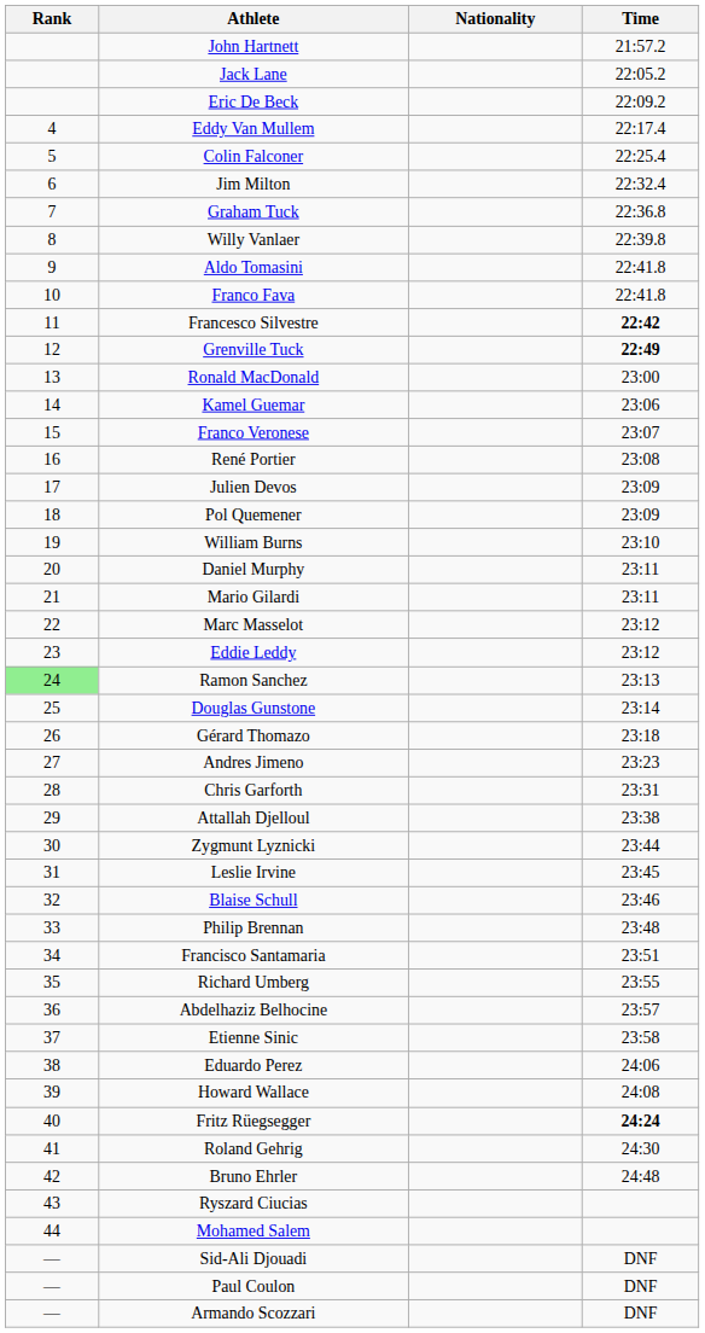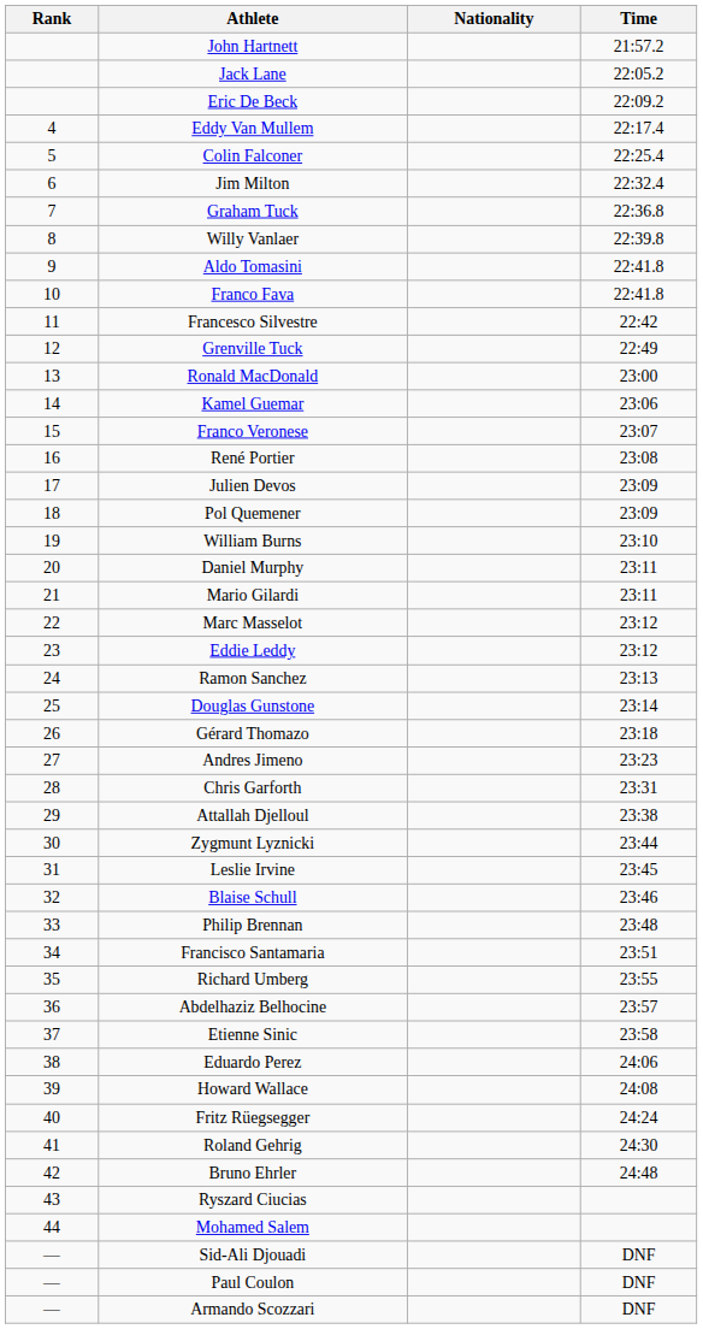 <table class="wikitable sortable" style=" text-align:center; font-size:95%;" width="50%">
 <tr>
 <th>Rank</th>
 <th>Athlete</th>
 <th>Nationality</th>
 <th>Time</th>
 </tr>
 <tr>
 <td align=center></td>
 <td><a href='#'>John Hartnett</a></td>
 <td></td>
 <td>21:57.2</td>
 </tr>
 <tr>
 <td align=center></td>
 <td><a href='#'>Jack Lane</a></td>
 <td></td>
 <td>22:05.2</td>
 </tr>
 <tr>
 <td align=center></td>
 <td><a href='#'>Eric De Beck</a></td>
 <td></td>
 <td>22:09.2</td>
 </tr>
 <tr>
 <td align=center>4</td>
 <td><a href='#'>Eddy Van Mullem</a></td>
 <td></td>
 <td>22:17.4</td>
 </tr>
 <tr>
 <td align=center>5</td>
 <td><a href='#'>Colin Falconer</a></td>
 <td></td>
 <td>22:25.4</td>
 </tr>
 <tr>
 <td align=center>6</td>
 <td>Jim Milton</td>
 <td></td>
 <td>22:32.4</td>
 </tr>
 <tr>
 <td align=center>7</td>
 <td><a href='#'>Graham Tuck</a></td>
 <td></td>
 <td>22:36.8</td>
 </tr>
 <tr>
 <td align=center>8</td>
 <td>Willy Vanlaer</td>
 <td></td>
 <td>22:39.8</td>
 </tr>
 <tr>
 <td align=center>9</td>
 <td><a href='#'>Aldo Tomasini</a></td>
 <td></td>
 <td>22:41.8</td>
 </tr>
 <tr>
 <td align=center>10</td>
 <td><a href='#'>Franco Fava</a></td>
 <td></td>
 <td>22:41.8</td>
 </tr>
 <tr>
 <td align=center>11</td>
 <td>Francesco Silvestre</td>
 <td></td>
-<td><strong>22:42</strong></td>
+<td>22:42</td>
 </tr>
 <tr>
 <td align=center>12</td>
 <td><a href='#'>Grenville Tuck</a></td>
 <td></td>
-<td><strong>22:49</strong></td>
+<td>22:49</td>
 </tr>
 <tr>
 <td align=center>13</td>
 <td><a href='#'>Ronald MacDonald</a></td>
 <td></td>
 <td>23:00</td>
 </tr>
 <tr>
 <td align=center>14</td>
 <td><a href='#'>Kamel Guemar</a></td>
 <td></td>
 <td>23:06</td>
 </tr>
 <tr>
 <td align=center>15</td>
 <td><a href='#'>Franco Veronese</a></td>
 <td></td>
 <td>23:07</td>
 </tr>
 <tr>
 <td align=center>16</td>
 <td>René Portier</td>
 <td></td>
 <td>23:08</td>
 </tr>
 <tr>
 <td align=center>17</td>
 <td>Julien Devos</td>
 <td></td>
 <td>23:09</td>
 </tr>
 <tr>
 <td align=center>18</td>
 <td>Pol Quemener</td>
 <td></td>
 <td>23:09</td>
 </tr>
 <tr>
 <td align=center>19</td>
 <td>William Burns</td>
 <td></td>
 <td>23:10</td>
 </tr>
 <tr>
 <td align=center>20</td>
 <td>Daniel Murphy</td>
 <td></td>
 <td>23:11</td>
 </tr>
 <tr>
 <td align=center>21</td>
 <td>Mario Gilardi</td>
 <td></td>
 <td>23:11</td>
 </tr>
 <tr>
 <td align=center>22</td>
 <td>Marc Masselot</td>
 <td></td>
 <td>23:12</td>
 </tr>
 <tr>
 <td align=center>23</td>
 <td><a href='#'>Eddie Leddy</a></td>
 <td></td>
 <td>23:12</td>
 </tr>
 <tr>
-<td align=center style="background: lightgreen;">24</td>
+<td align=center>24</td>
 <td>Ramon Sanchez</td>
 <td></td>
 <td>23:13</td>
 </tr>
 <tr>
 <td align=center>25</td>
 <td><a href='#'>Douglas Gunstone</a></td>
 <td></td>
 <td>23:14</td>
 </tr>
 <tr>
 <td align=center>26</td>
 <td>Gérard Thomazo</td>
 <td></td>
 <td>23:18</td>
 </tr>
 <tr>
 <td align=center>27</td>
 <td>Andres Jimeno</td>
 <td></td>
 <td>23:23</td>
 </tr>
 <tr>
 <td align=center>28</td>
 <td>Chris Garforth</td>
 <td></td>
 <td>23:31</td>
 </tr>
 <tr>
 <td align=center>29</td>
 <td>Attallah Djelloul</td>
 <td></td>
 <td>23:38</td>
 </tr>
 <tr>
 <td align=center>30</td>
 <td>Zygmunt Lyznicki</td>
 <td></td>
 <td>23:44</td>
 </tr>
 <tr>
 <td align=center>31</td>
 <td>Leslie Irvine</td>
 <td></td>
 <td>23:45</td>
 </tr>
 <tr>
 <td align=center>32</td>
 <td><a href='#'>Blaise Schull</a></td>
 <td></td>
 <td>23:46</td>
 </tr>
 <tr>
 <td align=center>33</td>
 <td>Philip Brennan</td>
 <td></td>
 <td>23:48</td>
 </tr>
 <tr>
 <td align=center>34</td>
 <td>Francisco Santamaria</td>
 <td></td>
 <td>23:51</td>
 </tr>
 <tr>
 <td align=center>35</td>
 <td>Richard Umberg</td>
 <td></td>
 <td>23:55</td>
 </tr>
 <tr>
 <td align=center>36</td>
 <td>Abdelhaziz Belhocine</td>
 <td></td>
 <td>23:57</td>
 </tr>
 <tr>
 <td align=center>37</td>
 <td>Etienne Sinic</td>
 <td></td>
 <td>23:58</td>
 </tr>
 <tr>
 <td align=center>38</td>
 <td>Eduardo Perez</td>
 <td></td>
 <td>24:06</td>
 </tr>
 <tr>
 <td align=center>39</td>
 <td>Howard Wallace</td>
 <td></td>
 <td>24:08</td>
 </tr>
 <tr>
 <td align=center>40</td>
 <td>Fritz Rüegsegger</td>
 <td></td>
-<td><strong>24:24</strong></td>
+<td>24:24</td>
 </tr>
 <tr>
 <td align=center>41</td>
 <td>Roland Gehrig</td>
 <td></td>
 <td>24:30</td>
 </tr>
 <tr>
 <td align=center>42</td>
 <td>Bruno Ehrler</td>
 <td></td>
 <td>24:48</td>
 </tr>
 <tr>
 <td align=center>43</td>
 <td>Ryszard Ciucias</td>
 <td></td>
 <td></td>
 </tr>
 <tr>
 <td align=center>44</td>
 <td><a href='#'>Mohamed Salem</a></td>
 <td></td>
 <td></td>
 </tr>
 <tr>
 <td align=center>—</td>
 <td>Sid-Ali Djouadi</td>
 <td></td>
 <td>DNF</td>
 </tr>
 <tr>
 <td align=center>—</td>
 <td>Paul Coulon</td>
 <td></td>
 <td>DNF</td>
 </tr>
 <tr>
 <td align=center>—</td>
 <td>Armando Scozzari</td>
 <td></td>
 <td>DNF</td>
 </tr>
 </table>
